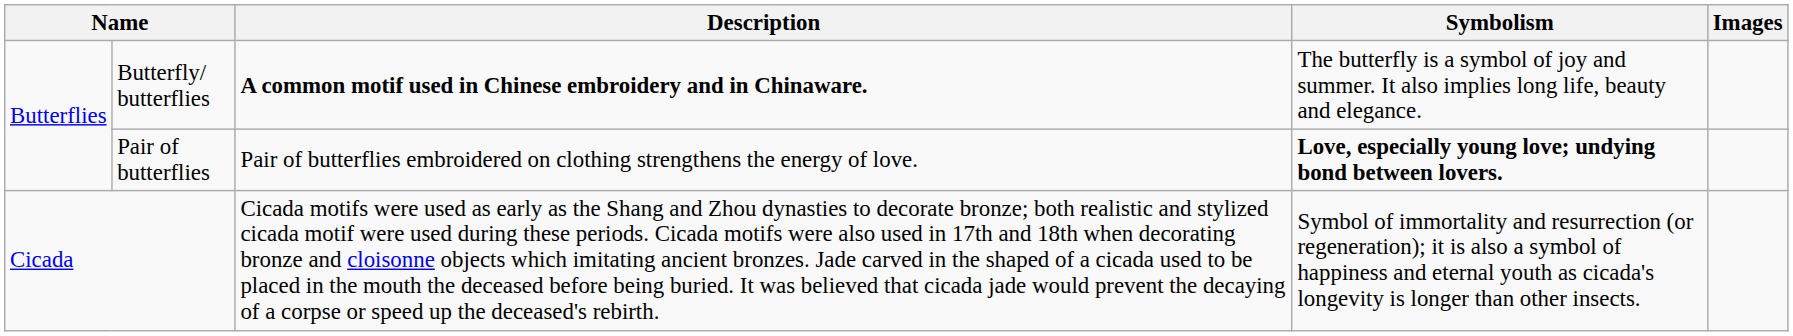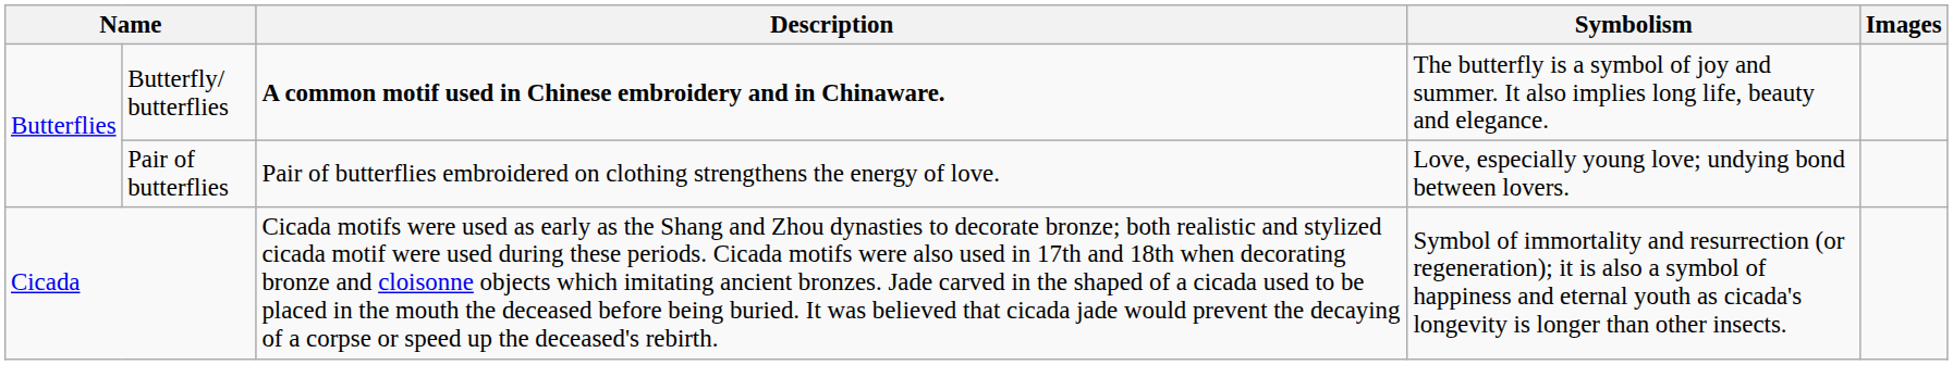 <table class="wikitable sortable mw-collapsible">
 <tr>
 <th colspan="2">Name</th>
 <th>Description</th>
 <th>Symbolism</th>
 <th>Images</th>
 </tr>
 <tr>
 <td rowspan="2"><a href='#'>Butterflies</a></td>
 <td>Butterfly/ butterflies</td>
 <td><strong>A common motif used in Chinese embroidery and in Chinaware.</strong></td>
 <td>The butterfly is a symbol of joy and summer. It also implies long life, beauty and elegance.</td>
 <td></td>
 </tr>
 <tr>
 <td>Pair of butterflies</td>
 <td>Pair of butterflies embroidered on clothing strengthens the energy of love.</td>
-<td><strong>Love, especially young love; undying bond between lovers.</strong></td>
+<td>Love, especially young love; undying bond between lovers.</td>
 <td></td>
 </tr>
 <tr>
 <td colspan="2"><a href='#'>Cicada</a></td>
 <td>Cicada motifs were used as early as the Shang and Zhou dynasties to decorate bronze; both realistic and stylized cicada motif were used during these periods. Cicada motifs were also used in 17th and 18th when decorating bronze and <a href='#'>cloisonne</a> objects which imitating ancient bronzes. Jade carved in the shaped of a cicada used to be placed in the mouth the deceased before being buried. It was believed that cicada jade would prevent the decaying of a corpse or speed up the deceased's rebirth.</td>
 <td>Symbol of immortality and resurrection (or regeneration); it is also a symbol of happiness and eternal youth as cicada's longevity is longer than other insects.</td>
 <td></td>
 </tr>
 </table>
